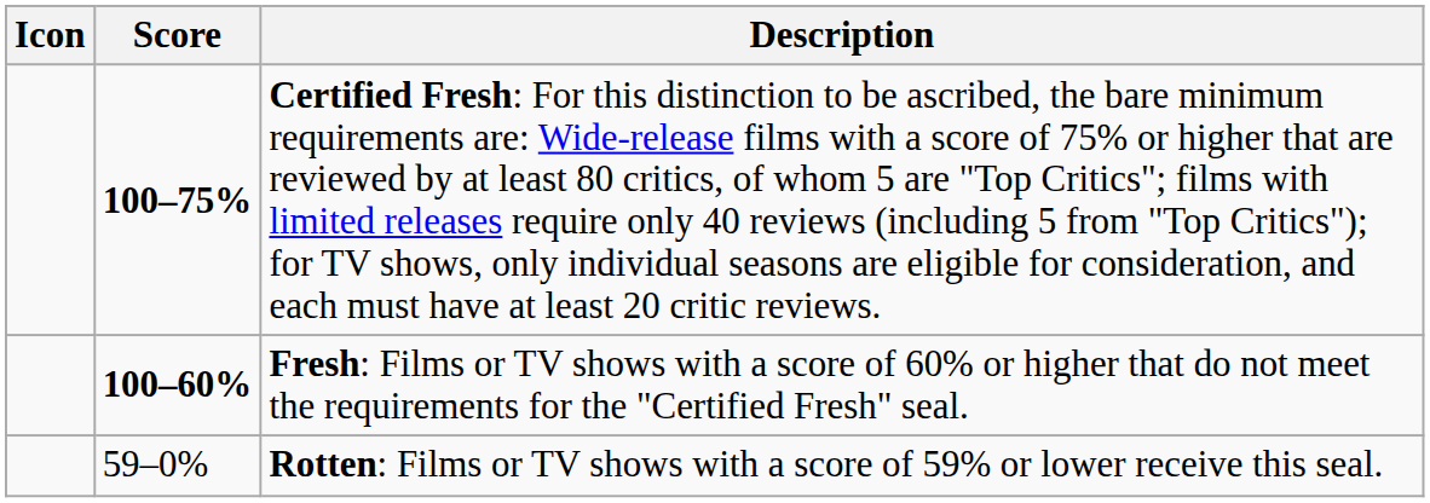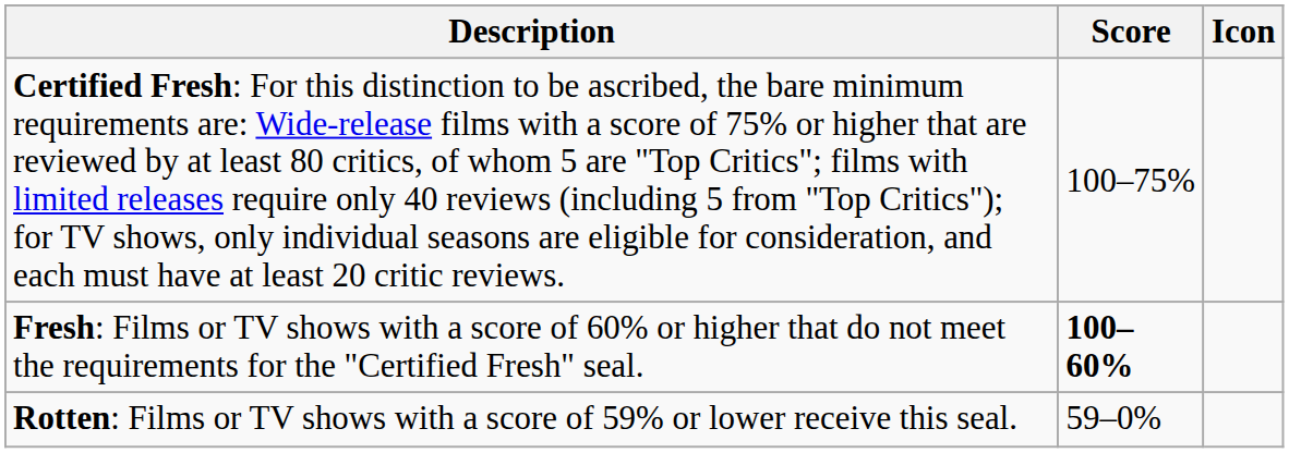 <table class="wikitable">
 <tr>
+<th>Description</th>
+<th>Score</th>
 <th>Icon</th>
-<th>Score</th>
-<th>Description</th>
 </tr>
 <tr>
+<td><strong>Certified Fresh</strong>: For this distinction to be ascribed, the bare minimum requirements are: <a href='#'>Wide-release</a> films with a score of 75% or higher that are reviewed by at least 80 critics, of whom 5 are "Top Critics"; films with <a href='#'>limited releases</a> require only 40 reviews (including 5 from "Top Critics"); for TV shows, only individual seasons are eligible for consideration, and each must have at least 20 critic reviews.</td>
+<td style="white-space:nowrap;">100–75%</td>
 <td></td>
-<td style="white-space:nowrap;"><strong>100–75%</strong></td>
-<td><strong>Certified Fresh</strong>: For this distinction to be ascribed, the bare minimum requirements are: <a href='#'>Wide-release</a> films with a score of 75% or higher that are reviewed by at least 80 critics, of whom 5 are "Top Critics"; films with <a href='#'>limited releases</a> require only 40 reviews (including 5 from "Top Critics"); for TV shows, only individual seasons are eligible for consideration, and each must have at least 20 critic reviews.</td>
 </tr>
 <tr>
+<td><strong>Fresh</strong>: Films or TV shows with a score of 60% or higher that do not meet the requirements for the "Certified Fresh" seal.</td>
+<td><strong>100–60%</strong></td>
 <td></td>
-<td><strong>100–60%</strong></td>
-<td><strong>Fresh</strong>: Films or TV shows with a score of 60% or higher that do not meet the requirements for the "Certified Fresh" seal.</td>
 </tr>
 <tr>
+<td><strong>Rotten</strong>: Films or TV shows with a score of 59% or lower receive this seal.</td>
+<td>59–0%</td>
 <td></td>
-<td>59–0%</td>
-<td><strong>Rotten</strong>: Films or TV shows with a score of 59% or lower receive this seal.</td>
 </tr>
 </table>
